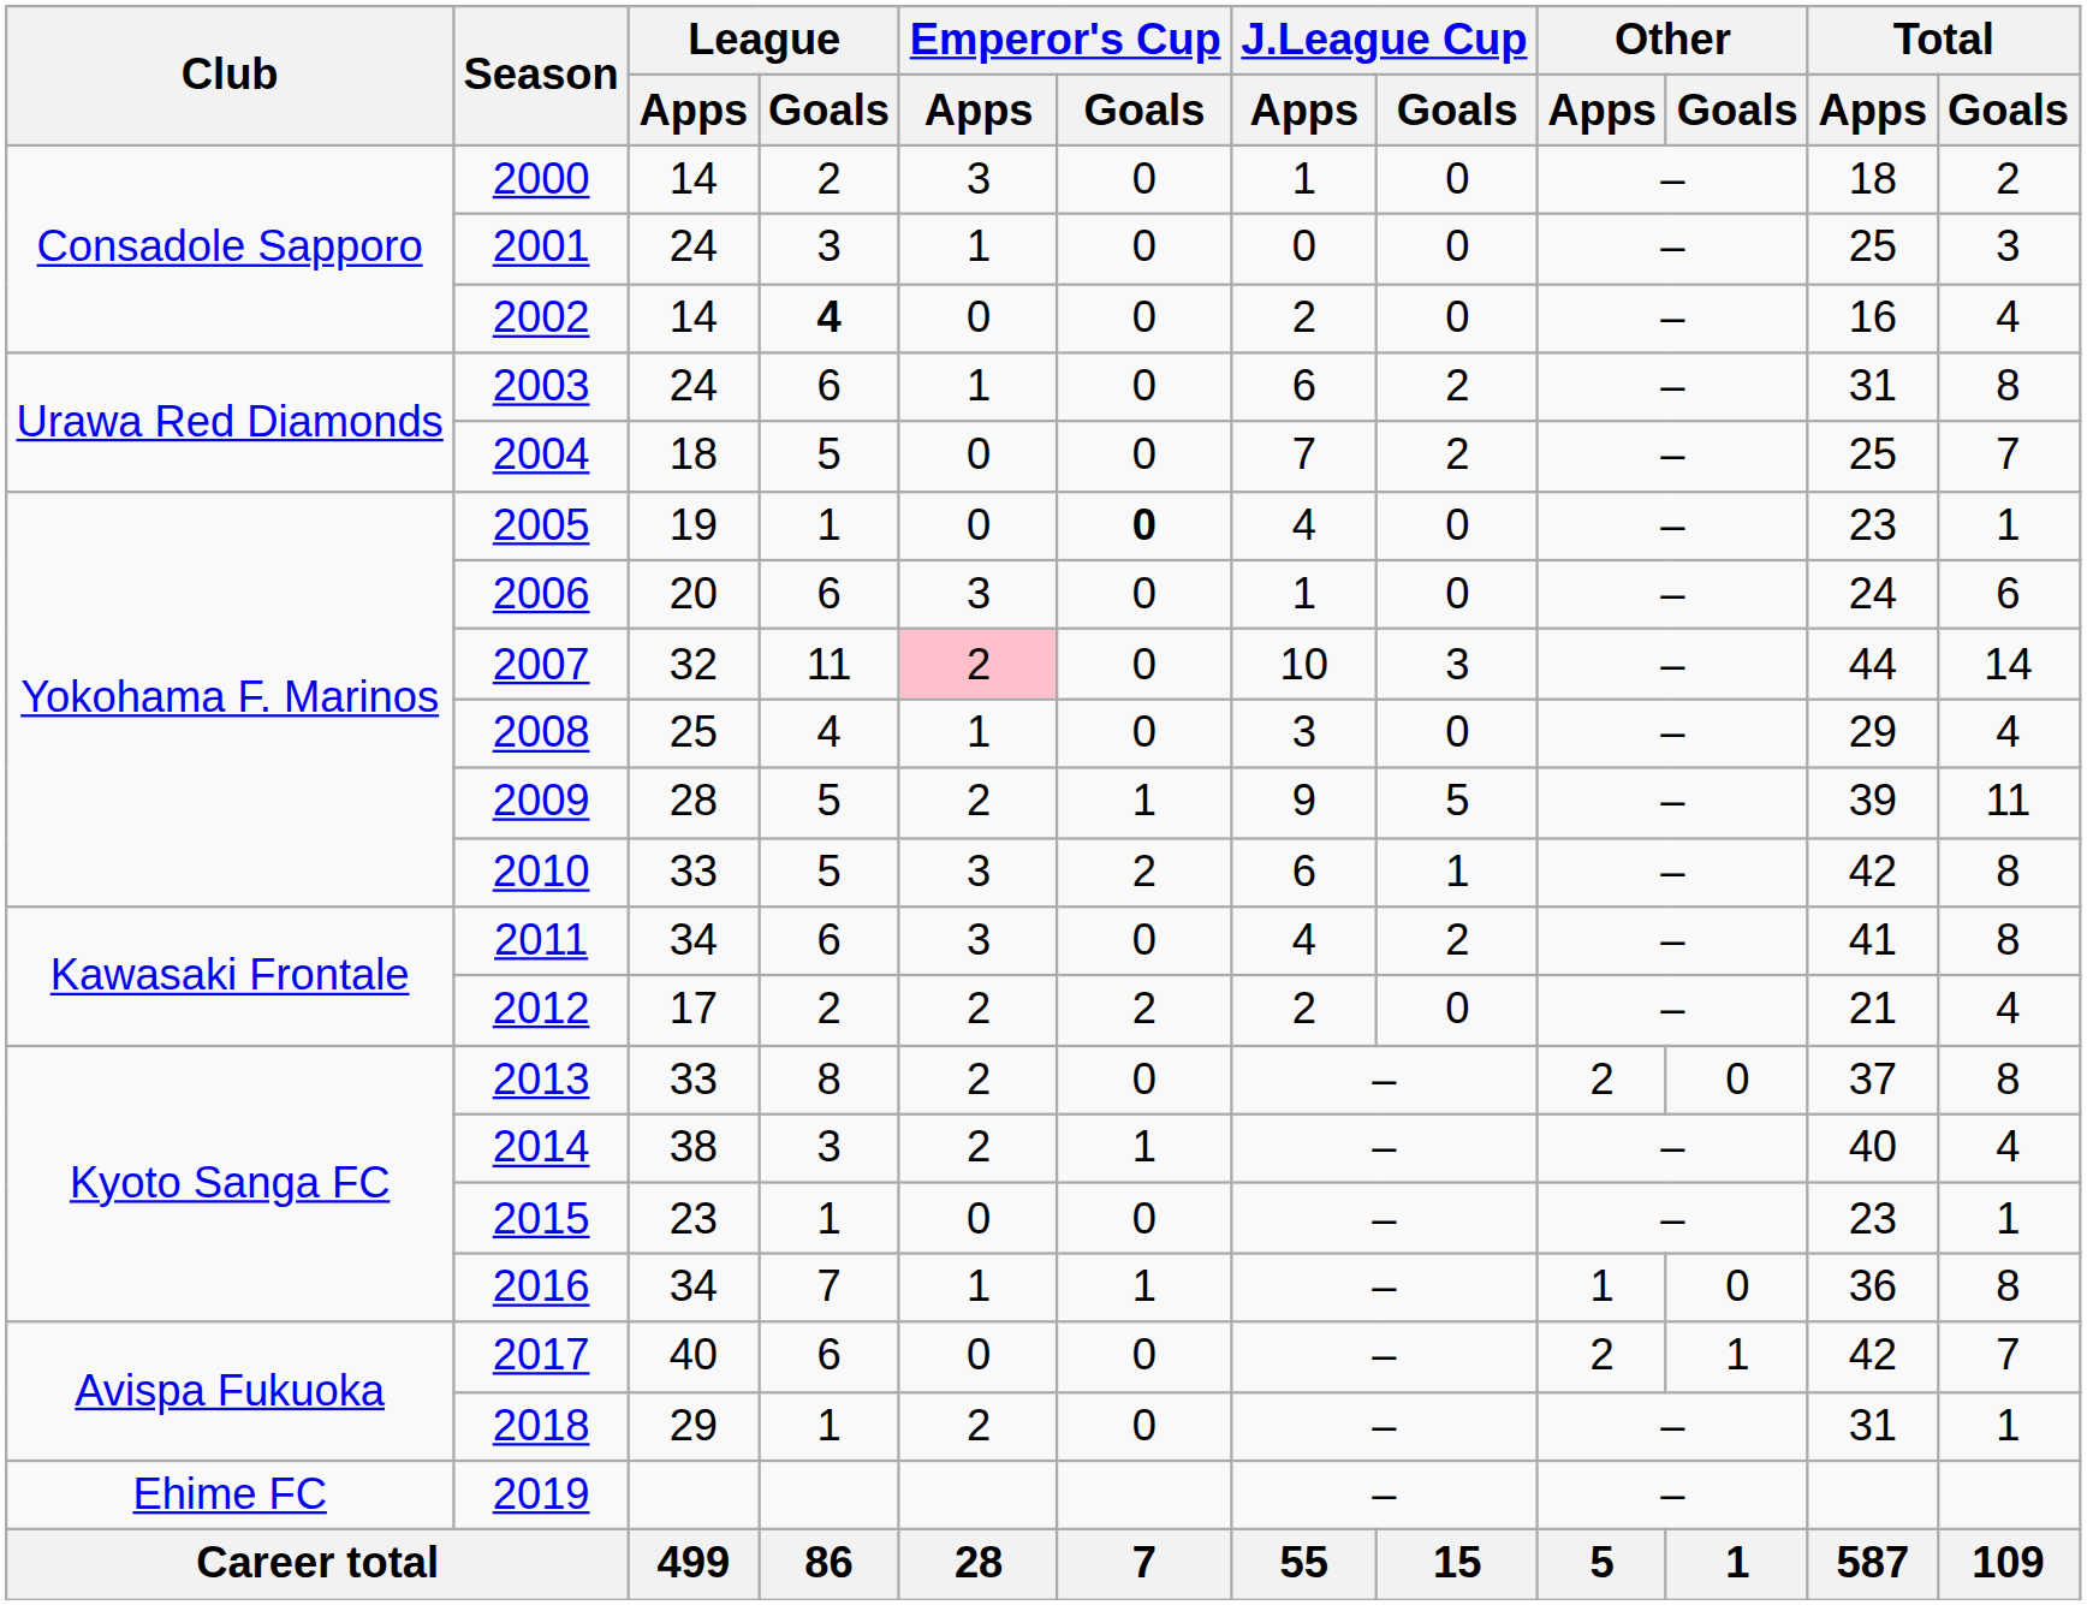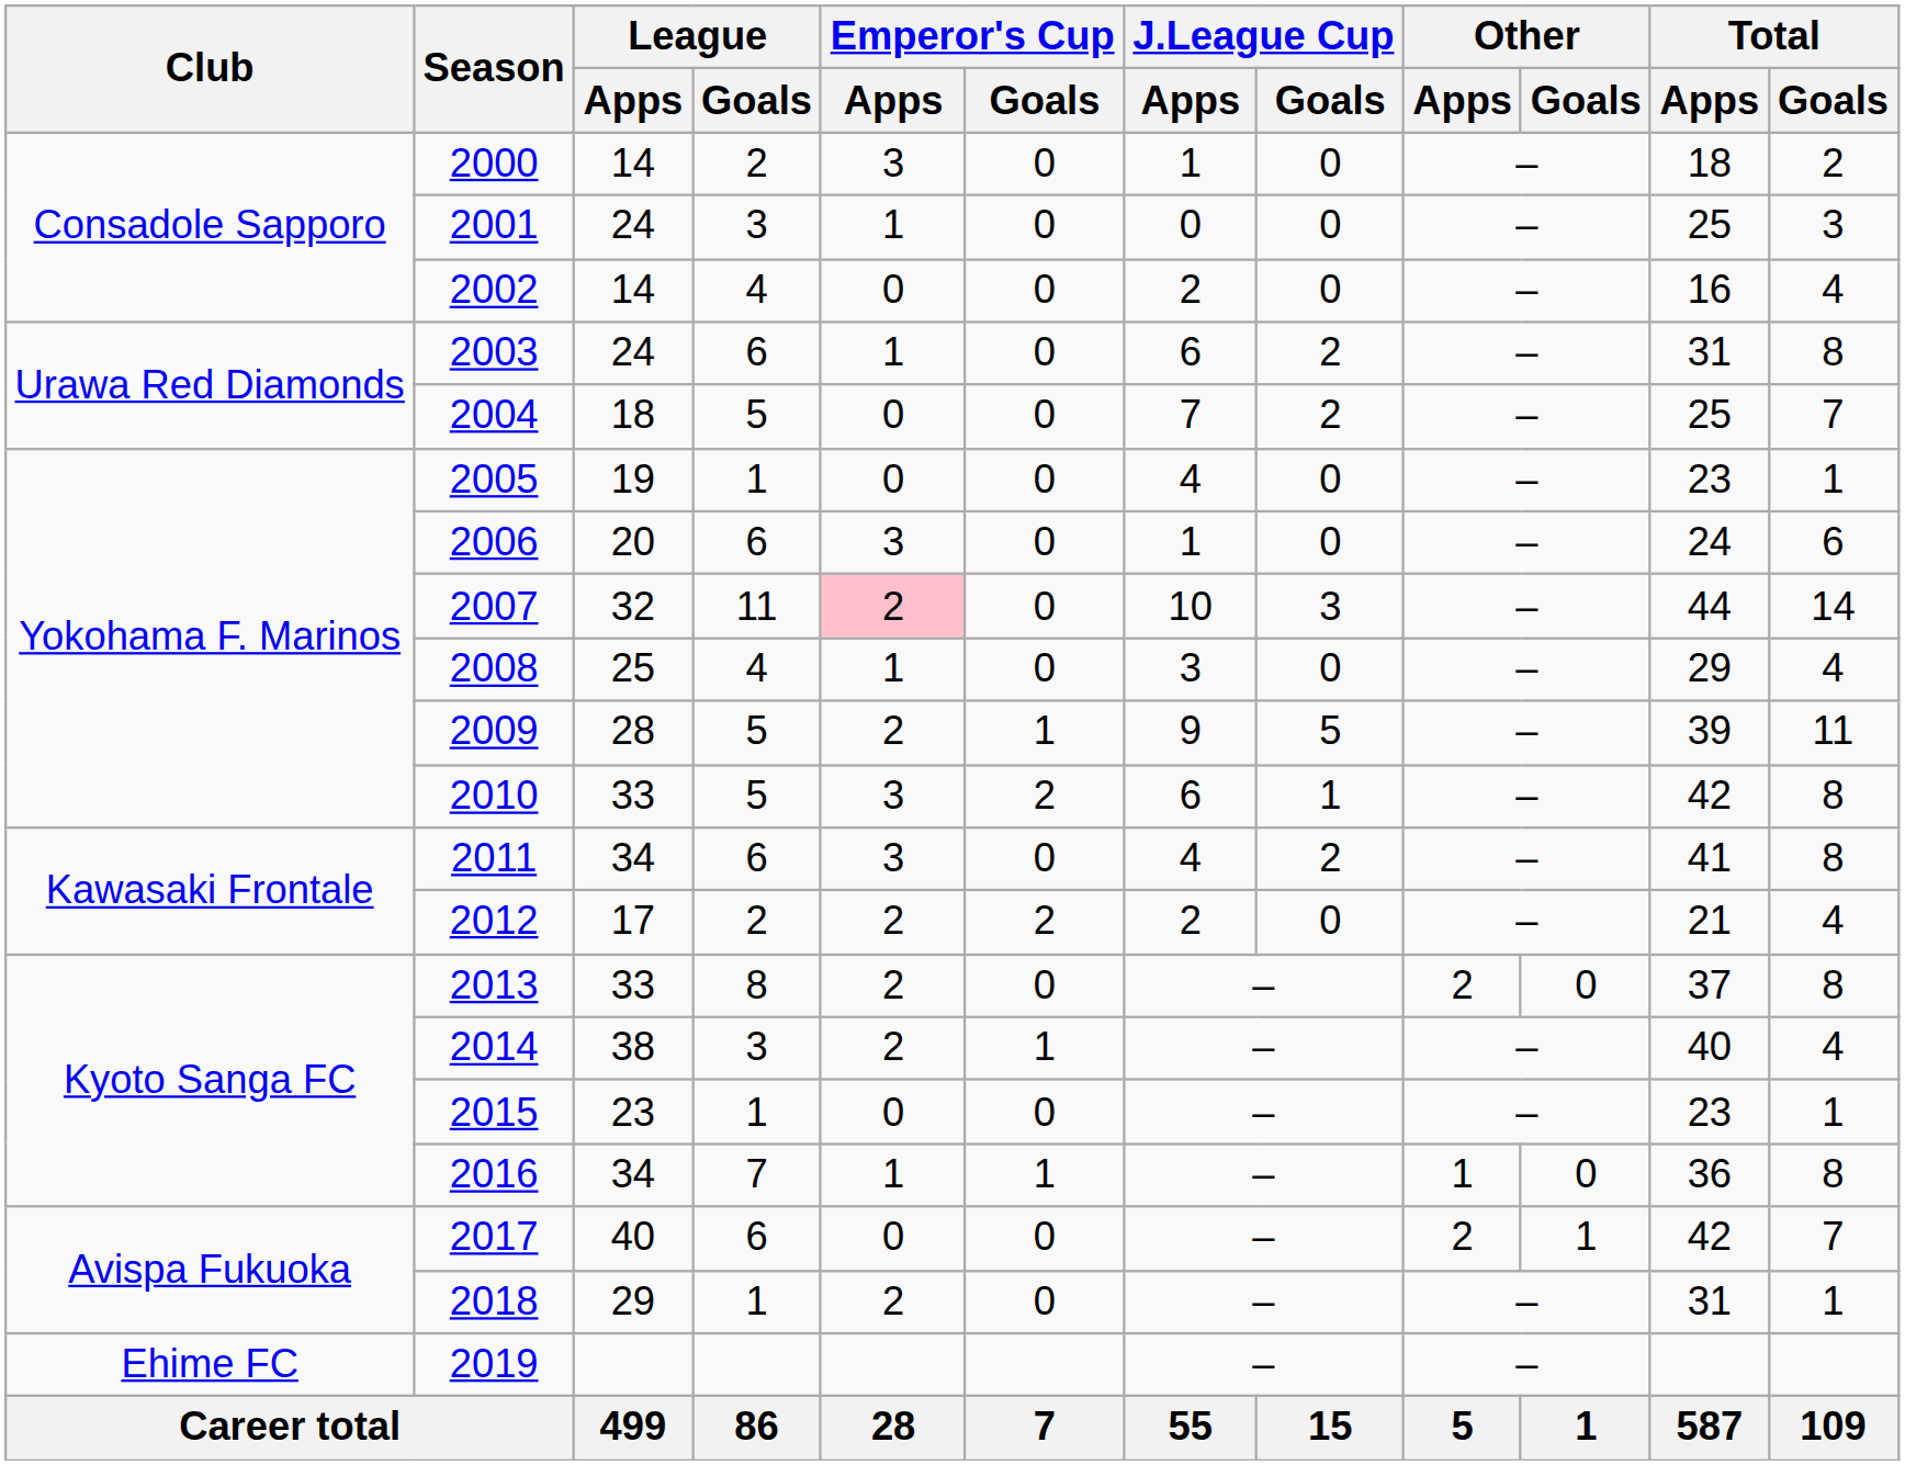 <table class="wikitable" style="text-align:center">
 <tr>
 <th rowspan=2>Club</th>
 <th rowspan=2>Season</th>
 <th colspan=2>League</th>
 <th colspan=2><a href='#'>Emperor's Cup</a></th>
 <th colspan=2><a href='#'>J.League Cup</a></th>
 <th colspan="2">Other</th>
 <th colspan=2>Total</th>
 </tr>
 <tr>
 <th>Apps</th>
 <th>Goals</th>
 <th>Apps</th>
 <th>Goals</th>
 <th>Apps</th>
 <th>Goals</th>
 <th>Apps</th>
 <th>Goals</th>
 <th>Apps</th>
 <th>Goals</th>
 </tr>
 <tr>
 <td rowspan="3"><a href='#'>Consadole Sapporo</a></td>
 <td><a href='#'>2000</a></td>
 <td>14</td>
 <td>2</td>
 <td>3</td>
 <td>0</td>
 <td>1</td>
 <td>0</td>
 <td colspan="2">–</td>
 <td>18</td>
 <td>2</td>
 </tr>
 <tr>
 <td><a href='#'>2001</a></td>
 <td>24</td>
 <td>3</td>
 <td>1</td>
 <td>0</td>
 <td>0</td>
 <td>0</td>
 <td colspan="2">–</td>
 <td>25</td>
 <td>3</td>
 </tr>
 <tr>
 <td><a href='#'>2002</a></td>
 <td>14</td>
-<td><strong>4</strong></td>
+<td>4</td>
 <td>0</td>
 <td>0</td>
 <td>2</td>
 <td>0</td>
 <td colspan="2">–</td>
 <td>16</td>
 <td>4</td>
 </tr>
 <tr>
 <td rowspan="2"><a href='#'>Urawa Red Diamonds</a></td>
 <td><a href='#'>2003</a></td>
 <td>24</td>
 <td>6</td>
 <td>1</td>
 <td>0</td>
 <td>6</td>
 <td>2</td>
 <td colspan="2">–</td>
 <td>31</td>
 <td>8</td>
 </tr>
 <tr>
 <td><a href='#'>2004</a></td>
 <td>18</td>
 <td>5</td>
 <td>0</td>
 <td>0</td>
 <td>7</td>
 <td>2</td>
 <td colspan="2">–</td>
 <td>25</td>
 <td>7</td>
 </tr>
 <tr>
 <td rowspan="6"><a href='#'>Yokohama F. Marinos</a></td>
 <td><a href='#'>2005</a></td>
 <td>19</td>
 <td>1</td>
 <td>0</td>
-<td><strong>0</strong></td>
+<td>0</td>
 <td>4</td>
 <td>0</td>
 <td colspan="2">–</td>
 <td>23</td>
 <td>1</td>
 </tr>
 <tr>
 <td><a href='#'>2006</a></td>
 <td>20</td>
 <td>6</td>
 <td>3</td>
 <td>0</td>
 <td>1</td>
 <td>0</td>
 <td colspan="2">–</td>
 <td>24</td>
 <td>6</td>
 </tr>
 <tr>
 <td><a href='#'>2007</a></td>
 <td>32</td>
 <td>11</td>
 <td style="background: pink;">2</td>
 <td>0</td>
 <td>10</td>
 <td>3</td>
 <td colspan="2">–</td>
 <td>44</td>
 <td>14</td>
 </tr>
 <tr>
 <td><a href='#'>2008</a></td>
 <td>25</td>
 <td>4</td>
 <td>1</td>
 <td>0</td>
 <td>3</td>
 <td>0</td>
 <td colspan="2">–</td>
 <td>29</td>
 <td>4</td>
 </tr>
 <tr>
 <td><a href='#'>2009</a></td>
 <td>28</td>
 <td>5</td>
 <td>2</td>
 <td>1</td>
 <td>9</td>
 <td>5</td>
 <td colspan="2">–</td>
 <td>39</td>
 <td>11</td>
 </tr>
 <tr>
 <td><a href='#'>2010</a></td>
 <td>33</td>
 <td>5</td>
 <td>3</td>
 <td>2</td>
 <td>6</td>
 <td>1</td>
 <td colspan="2">–</td>
 <td>42</td>
 <td>8</td>
 </tr>
 <tr>
 <td rowspan="2"><a href='#'>Kawasaki Frontale</a></td>
 <td><a href='#'>2011</a></td>
 <td>34</td>
 <td>6</td>
 <td>3</td>
 <td>0</td>
 <td>4</td>
 <td>2</td>
 <td colspan="2">–</td>
 <td>41</td>
 <td>8</td>
 </tr>
 <tr>
 <td><a href='#'>2012</a></td>
 <td>17</td>
 <td>2</td>
 <td>2</td>
 <td>2</td>
 <td>2</td>
 <td>0</td>
 <td colspan="2">–</td>
 <td>21</td>
 <td>4</td>
 </tr>
 <tr>
 <td rowspan="4"><a href='#'>Kyoto Sanga FC</a></td>
 <td><a href='#'>2013</a></td>
 <td>33</td>
 <td>8</td>
 <td>2</td>
 <td>0</td>
 <td colspan="2">–</td>
 <td>2</td>
 <td>0</td>
 <td>37</td>
 <td>8</td>
 </tr>
 <tr>
 <td><a href='#'>2014</a></td>
 <td>38</td>
 <td>3</td>
 <td>2</td>
 <td>1</td>
 <td colspan="2">–</td>
 <td colspan="2">–</td>
 <td>40</td>
 <td>4</td>
 </tr>
 <tr>
 <td><a href='#'>2015</a></td>
 <td>23</td>
 <td>1</td>
 <td>0</td>
 <td>0</td>
 <td colspan="2">–</td>
 <td colspan="2">–</td>
 <td>23</td>
 <td>1</td>
 </tr>
 <tr>
 <td><a href='#'>2016</a></td>
 <td>34</td>
 <td>7</td>
 <td>1</td>
 <td>1</td>
 <td colspan="2">–</td>
 <td>1</td>
 <td>0</td>
 <td>36</td>
 <td>8</td>
 </tr>
 <tr>
 <td rowspan="2"><a href='#'>Avispa Fukuoka</a></td>
 <td><a href='#'>2017</a></td>
 <td>40</td>
 <td>6</td>
 <td>0</td>
 <td>0</td>
 <td colspan="2">–</td>
 <td>2</td>
 <td>1</td>
 <td>42</td>
 <td>7</td>
 </tr>
 <tr>
 <td><a href='#'>2018</a></td>
 <td>29</td>
 <td>1</td>
 <td>2</td>
 <td>0</td>
 <td colspan="2">–</td>
 <td colspan="2">–</td>
 <td>31</td>
 <td>1</td>
 </tr>
 <tr>
 <td><a href='#'>Ehime FC</a></td>
 <td><a href='#'>2019</a></td>
 <td></td>
 <td></td>
 <td></td>
 <td></td>
 <td colspan="2">–</td>
 <td colspan="2">–</td>
 <td></td>
 <td></td>
 </tr>
 <tr>
 <th colspan=2>Career total</th>
 <th>499</th>
 <th>86</th>
 <th>28</th>
 <th>7</th>
 <th>55</th>
 <th>15</th>
 <th>5</th>
 <th>1</th>
 <th>587</th>
 <th>109</th>
 </tr>
 </table>
